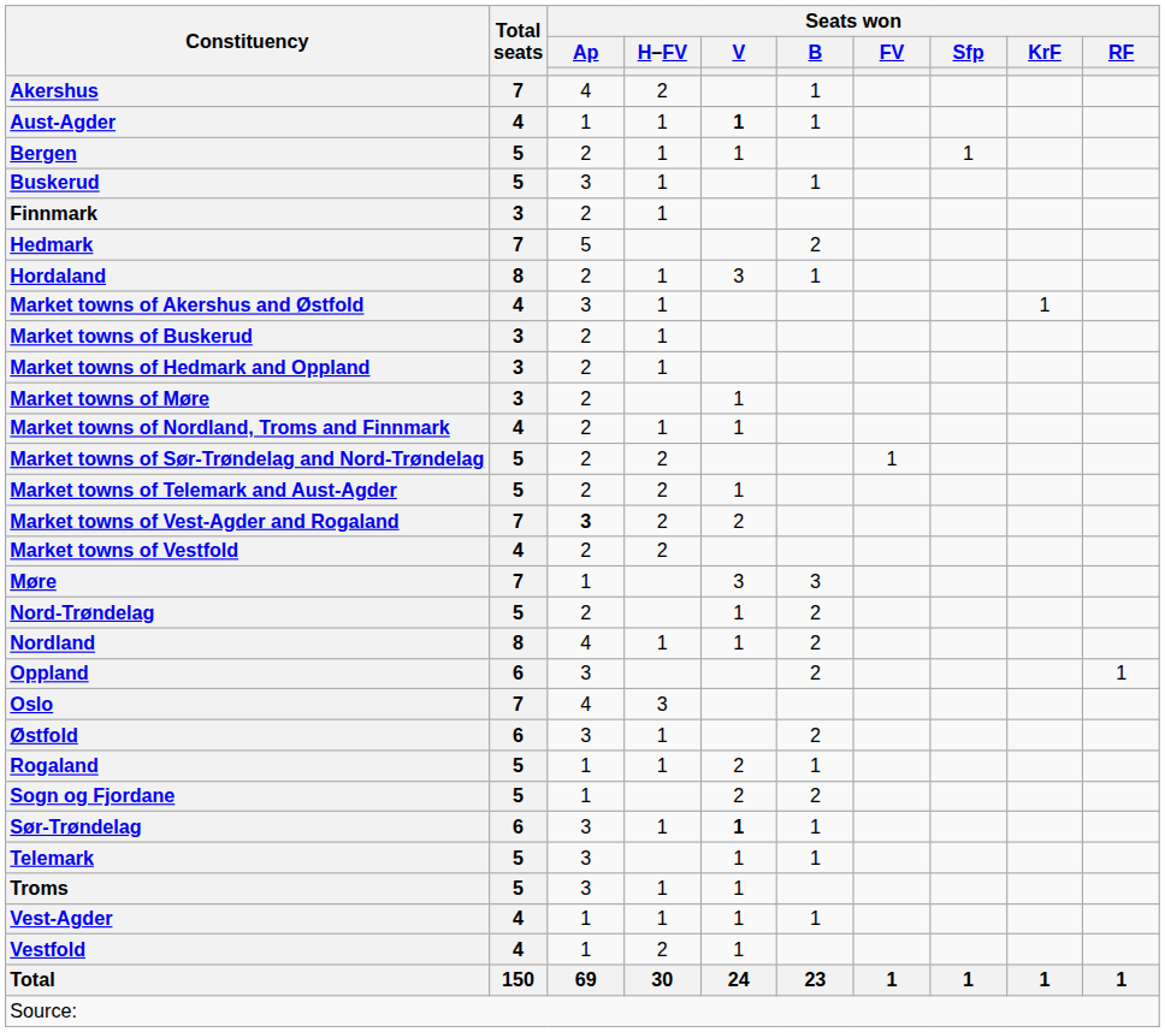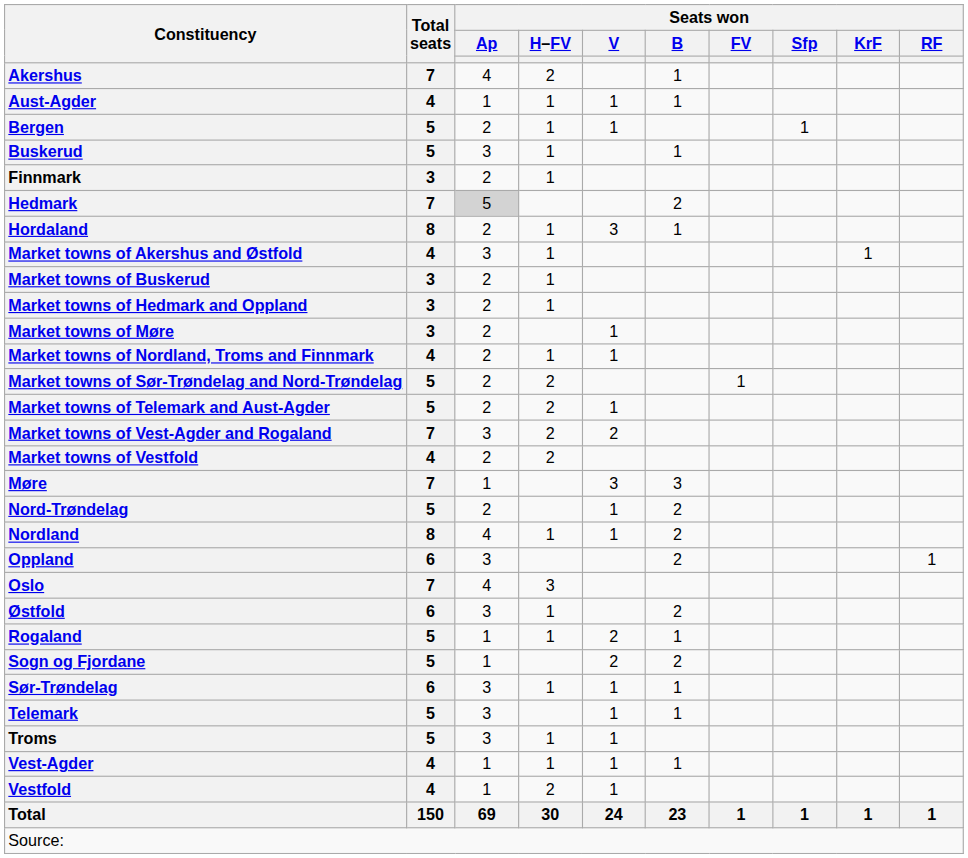 <table class="wikitable" style="text-align:center; font-size: 0.9em;">
 <tr>
 <th rowspan="3">Constituency</th>
 <th rowspan="3">Total<br>seats</th>
 <th colspan="8">Seats won</th>
 </tr>
 <tr>
 <th class="unsortable" style="width:50px;"><a href='#'>Ap</a></th>
 <th class="unsortable" style="width:50px;"><a href='#'>H</a>–<a href='#'>FV</a></th>
 <th class="unsortable" style="width:50px;"><a href='#'>V</a></th>
 <th class="unsortable" style="width:50px;"><a href='#'>B</a></th>
 <th class="unsortable" style="width:50px;"><a href='#'>FV</a></th>
 <th class="unsortable" style="width:50px;"><a href='#'>Sfp</a></th>
 <th class="unsortable" style="width:50px;"><a href='#'>KrF</a></th>
 <th class="unsortable" style="width:50px;"><a href='#'>RF</a></th>
 </tr>
 <tr>
 <th style="background:"></th>
 <th style="background:"></th>
 <th style="background:"></th>
 <th style="background:"></th>
 <th style="background:"></th>
 <th style="background:"></th>
 <th style="background:"></th>
 <th style="background:"></th>
 </tr>
 <tr>
 <th style="text-align: left;"><a href='#'>Akershus</a></th>
 <th>7</th>
 <td>4</td>
 <td>2</td>
 <td></td>
 <td>1</td>
 <td></td>
 <td></td>
 <td></td>
 <td></td>
 </tr>
 <tr>
 <th style="text-align: left;"><a href='#'>Aust-Agder</a></th>
 <th>4</th>
 <td>1</td>
 <td>1</td>
-<td><strong>1</strong></td>
+<td>1</td>
 <td>1</td>
 <td></td>
 <td></td>
 <td></td>
 <td></td>
 </tr>
 <tr>
 <th style="text-align: left;"><a href='#'>Bergen</a></th>
 <th>5</th>
 <td>2</td>
 <td>1</td>
 <td>1</td>
 <td></td>
 <td></td>
 <td>1</td>
 <td></td>
 <td></td>
 </tr>
 <tr>
 <th style="text-align: left;"><a href='#'>Buskerud</a></th>
 <th>5</th>
 <td>3</td>
 <td>1</td>
 <td></td>
 <td>1</td>
 <td></td>
 <td></td>
 <td></td>
 <td></td>
 </tr>
 <tr>
 <th style="text-align: left;">Finnmark</th>
 <th>3</th>
 <td>2</td>
 <td>1</td>
 <td></td>
 <td></td>
 <td></td>
 <td></td>
 <td></td>
 <td></td>
 </tr>
 <tr>
 <th style="text-align: left;"><a href='#'>Hedmark</a></th>
 <th>7</th>
-<td>5</td>
+<td style="background: lightgrey;">5</td>
 <td></td>
 <td></td>
 <td>2</td>
 <td></td>
 <td></td>
 <td></td>
 <td></td>
 </tr>
 <tr>
 <th style="text-align: left;"><a href='#'>Hordaland</a></th>
 <th>8</th>
 <td>2</td>
 <td>1</td>
 <td>3</td>
 <td>1</td>
 <td></td>
 <td></td>
 <td></td>
 <td></td>
 </tr>
 <tr>
 <th style="text-align: left;"><a href='#'>Market towns of Akershus and Østfold</a></th>
 <th>4</th>
 <td>3</td>
 <td>1</td>
 <td></td>
 <td></td>
 <td></td>
 <td></td>
 <td>1</td>
 <td></td>
 </tr>
 <tr>
 <th style="text-align: left;"><a href='#'>Market towns of Buskerud</a></th>
 <th>3</th>
 <td>2</td>
 <td>1</td>
 <td></td>
 <td></td>
 <td></td>
 <td></td>
 <td></td>
 <td></td>
 </tr>
 <tr>
 <th style="text-align: left;"><a href='#'>Market towns of Hedmark and Oppland</a></th>
 <th>3</th>
 <td>2</td>
 <td>1</td>
 <td></td>
 <td></td>
 <td></td>
 <td></td>
 <td></td>
 <td></td>
 </tr>
 <tr>
 <th style="text-align: left;"><a href='#'>Market towns of Møre</a></th>
 <th>3</th>
 <td>2</td>
 <td></td>
 <td>1</td>
 <td></td>
 <td></td>
 <td></td>
 <td></td>
 <td></td>
 </tr>
 <tr>
 <th style="text-align: left;"><a href='#'>Market towns of Nordland, Troms and Finnmark</a></th>
 <th>4</th>
 <td>2</td>
 <td>1</td>
 <td>1</td>
 <td></td>
 <td></td>
 <td></td>
 <td></td>
 <td></td>
 </tr>
 <tr>
 <th style="text-align: left;"><a href='#'>Market towns of Sør-Trøndelag and Nord-Trøndelag</a></th>
 <th>5</th>
 <td>2</td>
 <td>2</td>
 <td></td>
 <td></td>
 <td>1</td>
 <td></td>
 <td></td>
 <td></td>
 </tr>
 <tr>
 <th style="text-align: left;"><a href='#'>Market towns of Telemark and Aust-Agder</a></th>
 <th>5</th>
 <td>2</td>
 <td>2</td>
 <td>1</td>
 <td></td>
 <td></td>
 <td></td>
 <td></td>
 <td></td>
 </tr>
 <tr>
 <th style="text-align: left;"><a href='#'>Market towns of Vest-Agder and Rogaland</a></th>
 <th>7</th>
-<td><strong>3</strong></td>
+<td>3</td>
 <td>2</td>
 <td>2</td>
 <td></td>
 <td></td>
 <td></td>
 <td></td>
 <td></td>
 </tr>
 <tr>
 <th style="text-align: left;"><a href='#'>Market towns of Vestfold</a></th>
 <th>4</th>
 <td>2</td>
 <td>2</td>
 <td></td>
 <td></td>
 <td></td>
 <td></td>
 <td></td>
 <td></td>
 </tr>
 <tr>
 <th style="text-align: left;"><a href='#'>Møre</a></th>
 <th>7</th>
 <td>1</td>
 <td></td>
 <td>3</td>
 <td>3</td>
 <td></td>
 <td></td>
 <td></td>
 <td></td>
 </tr>
 <tr>
 <th style="text-align: left;"><a href='#'>Nord-Trøndelag</a></th>
 <th>5</th>
 <td>2</td>
 <td></td>
 <td>1</td>
 <td>2</td>
 <td></td>
 <td></td>
 <td></td>
 <td></td>
 </tr>
 <tr>
 <th style="text-align: left;"><a href='#'>Nordland</a></th>
 <th>8</th>
 <td>4</td>
 <td>1</td>
 <td>1</td>
 <td>2</td>
 <td></td>
 <td></td>
 <td></td>
 <td></td>
 </tr>
 <tr>
 <th style="text-align: left;"><a href='#'>Oppland</a></th>
 <th>6</th>
 <td>3</td>
 <td></td>
 <td></td>
 <td>2</td>
 <td></td>
 <td></td>
 <td></td>
 <td>1</td>
 </tr>
 <tr>
 <th style="text-align: left;"><a href='#'>Oslo</a></th>
 <th>7</th>
 <td>4</td>
 <td>3</td>
 <td></td>
 <td></td>
 <td></td>
 <td></td>
 <td></td>
 <td></td>
 </tr>
 <tr>
 <th style="text-align: left;"><a href='#'>Østfold</a></th>
 <th>6</th>
 <td>3</td>
 <td>1</td>
 <td></td>
 <td>2</td>
 <td></td>
 <td></td>
 <td></td>
 <td></td>
 </tr>
 <tr>
 <th style="text-align: left;"><a href='#'>Rogaland</a></th>
 <th>5</th>
 <td>1</td>
 <td>1</td>
 <td>2</td>
 <td>1</td>
 <td></td>
 <td></td>
 <td></td>
 <td></td>
 </tr>
 <tr>
 <th style="text-align: left;"><a href='#'>Sogn og Fjordane</a></th>
 <th>5</th>
 <td>1</td>
 <td></td>
 <td>2</td>
 <td>2</td>
 <td></td>
 <td></td>
 <td></td>
 <td></td>
 </tr>
 <tr>
 <th style="text-align: left;"><a href='#'>Sør-Trøndelag</a></th>
 <th>6</th>
 <td>3</td>
 <td>1</td>
-<td><strong>1</strong></td>
+<td>1</td>
 <td>1</td>
 <td></td>
 <td></td>
 <td></td>
 <td></td>
 </tr>
 <tr>
 <th style="text-align: left;"><a href='#'>Telemark</a></th>
 <th>5</th>
 <td>3</td>
 <td></td>
 <td>1</td>
 <td>1</td>
 <td></td>
 <td></td>
 <td></td>
 <td></td>
 </tr>
 <tr>
 <th style="text-align: left;">Troms</th>
 <th>5</th>
 <td>3</td>
 <td>1</td>
 <td>1</td>
 <td></td>
 <td></td>
 <td></td>
 <td></td>
 <td></td>
 </tr>
 <tr>
 <th style="text-align: left;"><a href='#'>Vest-Agder</a></th>
 <th>4</th>
 <td>1</td>
 <td>1</td>
 <td>1</td>
 <td>1</td>
 <td></td>
 <td></td>
 <td></td>
 <td></td>
 </tr>
 <tr>
 <th style="text-align: left;"><a href='#'>Vestfold</a></th>
 <th>4</th>
 <td>1</td>
 <td>2</td>
 <td>1</td>
 <td></td>
 <td></td>
 <td></td>
 <td></td>
 <td></td>
 </tr>
 <tr>
 <th style="text-align: left;">Total</th>
 <th>150</th>
 <th>69</th>
 <th>30</th>
 <th>24</th>
 <th>23</th>
 <th>1</th>
 <th>1</th>
 <th>1</th>
 <th>1</th>
 </tr>
 <tr>
 <td align=left colspan="10">Source: </td>
 </tr>
 </table>
